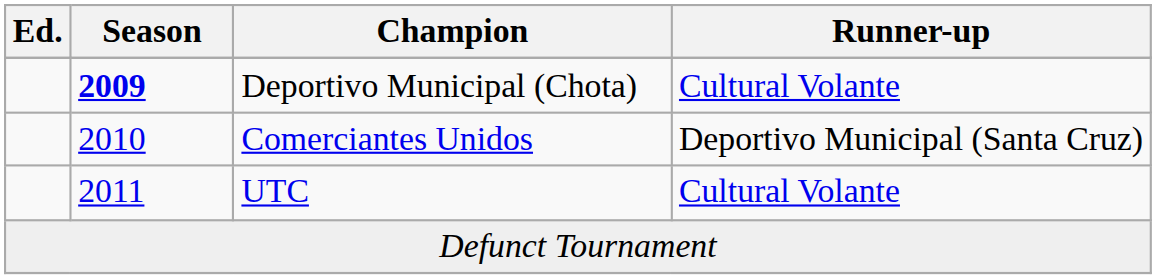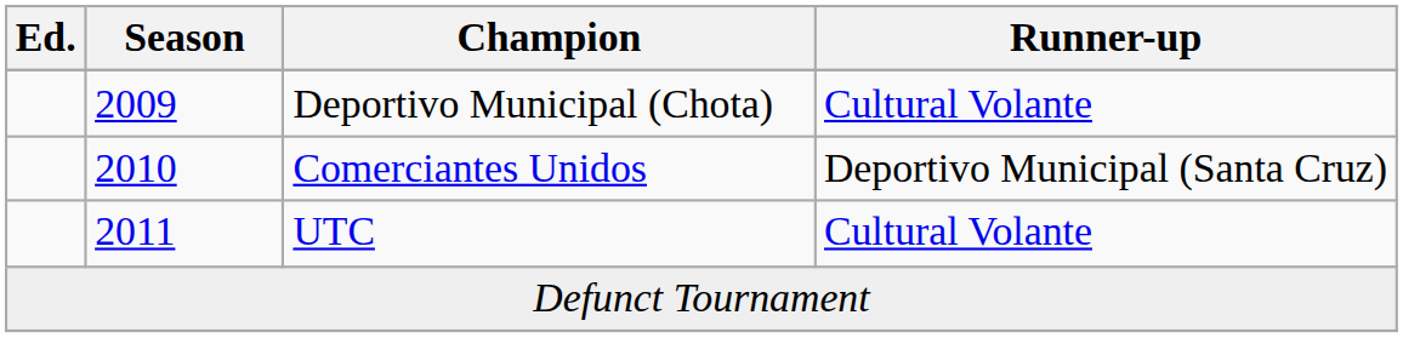 <table class="wikitable">
 <tr>
 <th width=px>Ed.</th>
 <th width="70">Season</th>
 <th width="200">Champion</th>
 <th width="220">Runner-up</th>
 </tr>
 <tr>
 </tr>
 <tr>
 <td></td>
-<td><strong><a href='#'>2009</a></strong></td>
+<td><a href='#'>2009</a></td>
 <td>Deportivo Municipal (Chota)</td>
 <td><a href='#'>Cultural Volante</a></td>
 </tr>
 <tr>
 <td></td>
 <td><a href='#'>2010</a></td>
 <td><a href='#'>Comerciantes Unidos</a></td>
 <td>Deportivo Municipal (Santa Cruz)</td>
 </tr>
 <tr>
 <td></td>
 <td><a href='#'>2011</a></td>
 <td><a href='#'>UTC</a></td>
 <td><a href='#'>Cultural Volante</a></td>
 </tr>
 <tr bgcolor=#efefef>
 <td colspan="4" style="text-align:center;"><em>Defunct Tournament</em></td>
 </tr>
 <tr>
 </tr>
 </table>
